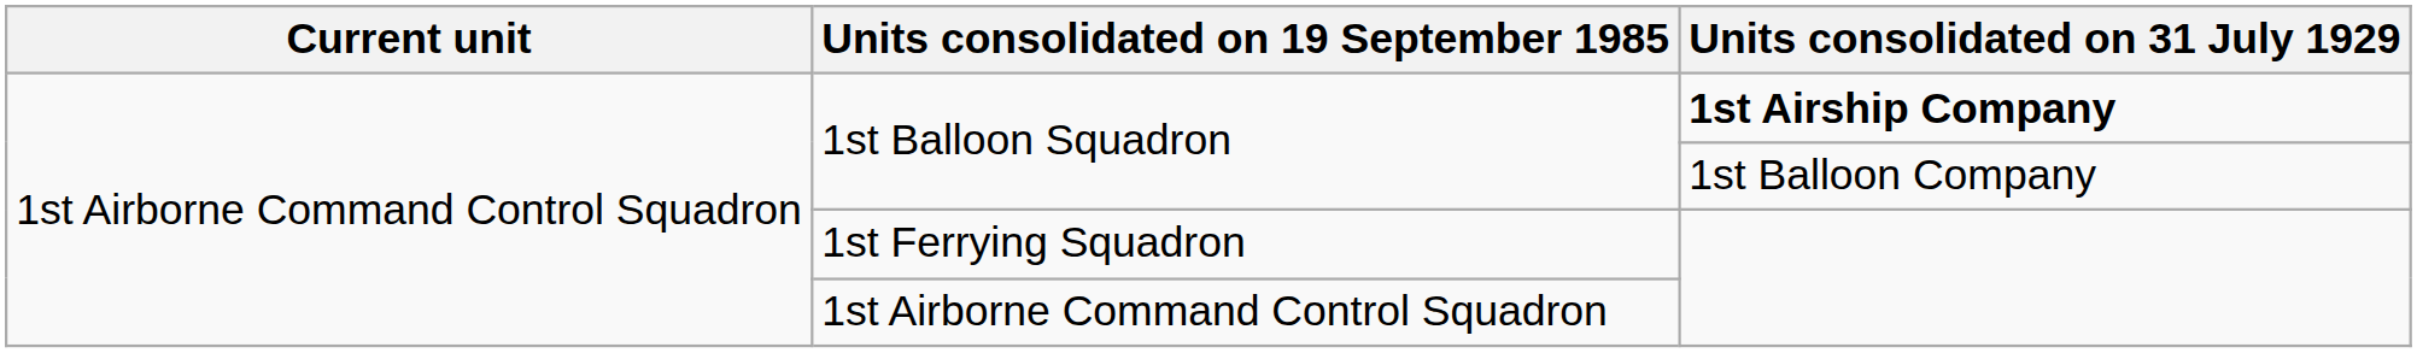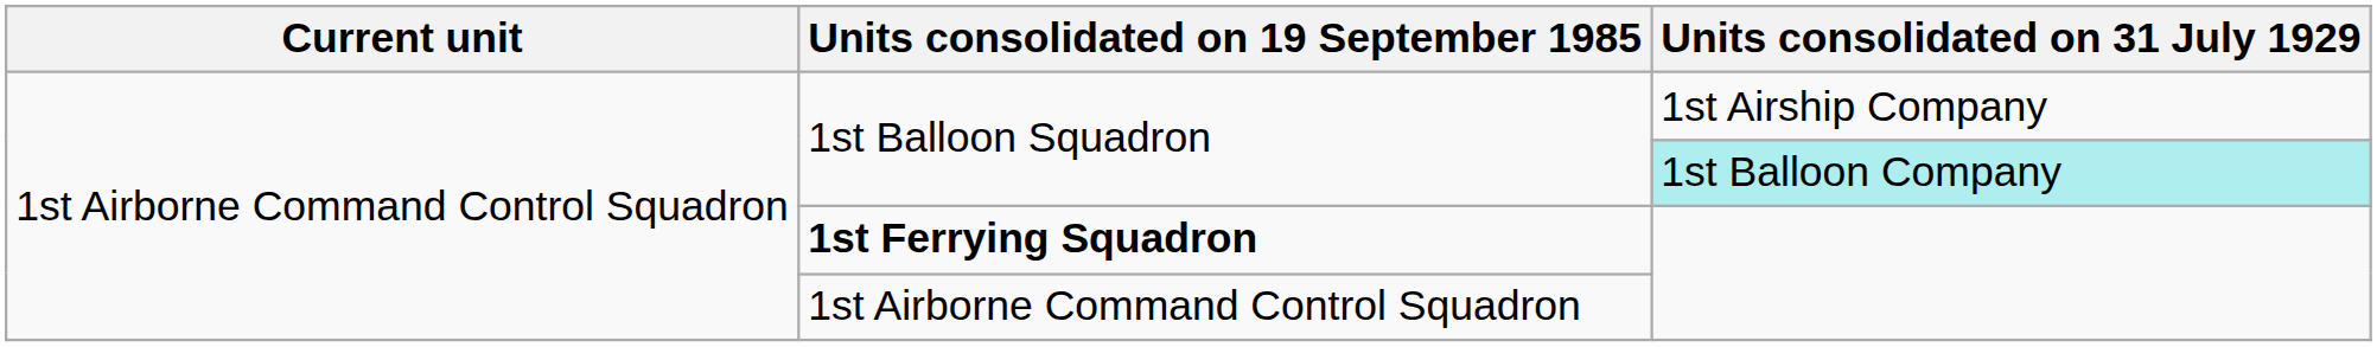 <table class="wikitable">
 <tr>
 <th>Current unit</th>
 <th>Units consolidated on 19 September 1985</th>
 <th>Units consolidated on 31 July 1929</th>
 </tr>
 <tr>
 <td rowspan=4>1st Airborne Command Control Squadron</td>
 <td rowspan=2>1st Balloon Squadron</td>
-<td><strong>1st Airship Company</strong></td>
+<td>1st Airship Company</td>
 </tr>
 <tr>
-<td>1st Balloon Company</td>
+<td style="background: paleturquoise;">1st Balloon Company</td>
 </tr>
 <tr>
-<td>1st Ferrying Squadron</td>
+<td><strong>1st Ferrying Squadron</strong></td>
 <td rowspan=2></td>
 </tr>
 <tr>
 <td>1st Airborne Command Control Squadron</td>
 </tr>
 </table>
